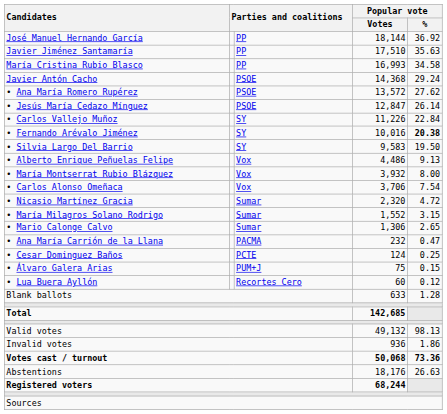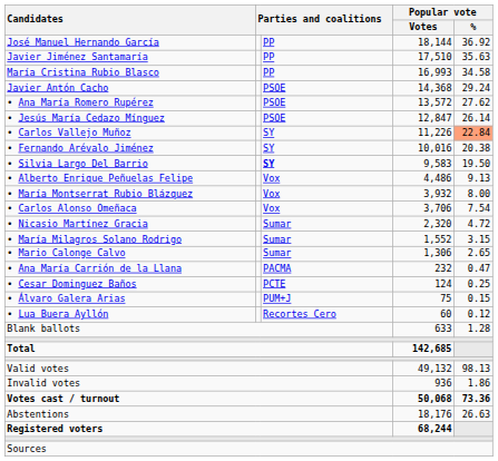 <table class="wikitable" style="text-align:right; font-size:95%;">
 <tr>
 <th style="text-align:left;" rowspan="2" width="325">Candidates</th>
 <th style="text-align:left;" rowspan="2" colspan="2" width="175">Parties and coalitions</th>
 <th colspan="2">Popular vote</th>
 </tr>
 <tr>
 <th width="75">Votes</th>
 <th width="45">%</th>
 </tr>
 <tr>
 <td align="left"> <a href='#'>José Manuel Hernando García</a></td>
 <td width="1" style="color:inherit;background:"></td>
 <td align="left"><a href='#'>PP</a></td>
 <td>18,144</td>
 <td>36.92</td>
 </tr>
 <tr>
 <td align="left"> <a href='#'>Javier Jiménez Santamaría</a></td>
 <td width="1" style="color:inherit;background:"></td>
 <td align="left"><a href='#'>PP</a></td>
 <td>17,510</td>
 <td>35.63</td>
 </tr>
 <tr>
 <td align="left"> <a href='#'>María Cristina Rubio Blasco</a></td>
 <td width="1" style="color:inherit;background:"></td>
 <td align="left"><a href='#'>PP</a></td>
 <td>16,993</td>
 <td>34.58</td>
 </tr>
 <tr>
 <td align="left"> <a href='#'>Javier Antón Cacho</a></td>
 <td width="1" style="color:inherit;background:"></td>
 <td align="left"><a href='#'>PSOE</a></td>
 <td>14,368</td>
 <td>29.24</td>
 </tr>
 <tr>
 <td align="left">• <a href='#'>Ana María Romero Rupérez</a></td>
 <td width="1" style="color:inherit;background:"></td>
 <td align="left"><a href='#'>PSOE</a></td>
 <td>13,572</td>
 <td>27.62</td>
 </tr>
 <tr>
 <td align="left">• <a href='#'>Jesús María Cedazo Mínguez</a></td>
 <td width="1" style="color:inherit;background:"></td>
 <td align="left"><a href='#'>PSOE</a></td>
 <td>12,847</td>
 <td>26.14</td>
 </tr>
 <tr>
 <td align="left">• <a href='#'>Carlos Vallejo Muñoz</a></td>
 <td width="1" style="color:inherit;background:"></td>
 <td align="left"><a href='#'>SY</a></td>
 <td>11,226</td>
-<td>22.84</td>
+<td style="background: lightsalmon;">22.84</td>
 </tr>
 <tr>
 <td align="left">• <a href='#'>Fernando Arévalo Jiménez</a></td>
 <td width="1" style="color:inherit;background:"></td>
 <td align="left"><a href='#'>SY</a></td>
 <td>10,016</td>
-<td><strong>20.38</strong></td>
+<td>20.38</td>
 </tr>
 <tr>
 <td align="left">• <a href='#'>Silvia Largo Del Barrio</a></td>
 <td width="1" style="color:inherit;background:"></td>
-<td align="left"><a href='#'>SY</a></td>
+<td align="left"><strong><a href='#'>SY</a></strong></td>
 <td>9,583</td>
 <td>19.50</td>
 </tr>
 <tr>
 <td align="left">• <a href='#'>Alberto Enrique Peñuelas Felipe</a></td>
 <td width="1" style="color:inherit;background:"></td>
 <td align="left"><a href='#'>Vox</a></td>
 <td>4,486</td>
 <td>9.13</td>
 </tr>
 <tr>
 <td align="left">• <a href='#'>María Montserrat Rubio Blázquez</a></td>
 <td width="1" style="color:inherit;background:"></td>
 <td align="left"><a href='#'>Vox</a></td>
 <td>3,932</td>
 <td>8.00</td>
 </tr>
 <tr>
 <td align="left">• <a href='#'>Carlos Alonso Omeñaca</a></td>
 <td width="1" style="color:inherit;background:"></td>
 <td align="left"><a href='#'>Vox</a></td>
 <td>3,706</td>
 <td>7.54</td>
 </tr>
 <tr>
 <td align="left">• <a href='#'>Nicasio Martínez Gracia</a></td>
 <td width="1" style="color:inherit;background:"></td>
 <td align="left"><a href='#'>Sumar</a></td>
 <td>2,320</td>
 <td>4.72</td>
 </tr>
 <tr>
 <td align="left">• <a href='#'>María Milagros Solano Rodrigo</a></td>
 <td width="1" style="color:inherit;background:"></td>
 <td align="left"><a href='#'>Sumar</a></td>
 <td>1,552</td>
 <td>3.15</td>
 </tr>
 <tr>
 <td align="left">• <a href='#'>Mario Calonge Calvo</a></td>
 <td width="1" style="color:inherit;background:"></td>
 <td align="left"><a href='#'>Sumar</a></td>
 <td>1,306</td>
 <td>2.65</td>
 </tr>
 <tr>
 <td align="left">• <a href='#'>Ana María Carrión de la Llana</a></td>
 <td width="1" style="color:inherit;background:"></td>
 <td align="left"><a href='#'>PACMA</a></td>
 <td>232</td>
 <td>0.47</td>
 </tr>
 <tr>
 <td align="left">• <a href='#'>Cesar Dominguez Baños</a></td>
 <td width="1" style="color:inherit;background:"></td>
 <td align="left"><a href='#'>PCTE</a></td>
 <td>124</td>
 <td>0.25</td>
 </tr>
 <tr>
 <td align="left">• <a href='#'>Álvaro Galera Arias</a></td>
 <td width="1" style="color:inherit;background:"></td>
 <td align="left"><a href='#'>PUM+J</a></td>
 <td>75</td>
 <td>0.15</td>
 </tr>
 <tr>
 <td align="left">• <a href='#'>Lua Buera Ayllón</a></td>
 <td width="1" style="color:inherit;background:"></td>
 <td align="left"><a href='#'>Recortes Cero</a></td>
 <td>60</td>
 <td>0.12</td>
 </tr>
 <tr>
 <td align="left" colspan="3">Blank ballots</td>
 <td>633</td>
 <td>1.28</td>
 </tr>
 <tr>
 <td colspan="5" bgcolor="#E9E9E9"></td>
 </tr>
 <tr style="font-weight:bold;">
 <td align="left" colspan="3">Total</td>
 <td>142,685</td>
 <td bgcolor="#E9E9E9"></td>
 </tr>
 <tr>
 <td colspan="5" bgcolor="#E9E9E9"></td>
 </tr>
 <tr>
 <td align="left" colspan="3">Valid votes</td>
 <td>49,132</td>
 <td>98.13</td>
 </tr>
 <tr>
 <td align="left" colspan="3">Invalid votes</td>
 <td>936</td>
 <td>1.86</td>
 </tr>
 <tr style="font-weight:bold;">
 <td align="left" colspan="3">Votes cast / turnout</td>
 <td>50,068</td>
 <td>73.36</td>
 </tr>
 <tr>
 <td align="left" colspan="3">Abstentions</td>
 <td>18,176</td>
 <td>26.63</td>
 </tr>
 <tr style="font-weight:bold;">
 <td align="left" colspan="3">Registered voters</td>
 <td>68,244</td>
 <td bgcolor="#E9E9E9"></td>
 </tr>
 <tr>
 <td colspan="5" bgcolor="#E9E9E9"></td>
 </tr>
 <tr>
 <td align="left" colspan="5">Sources</td>
 </tr>
 </table>
